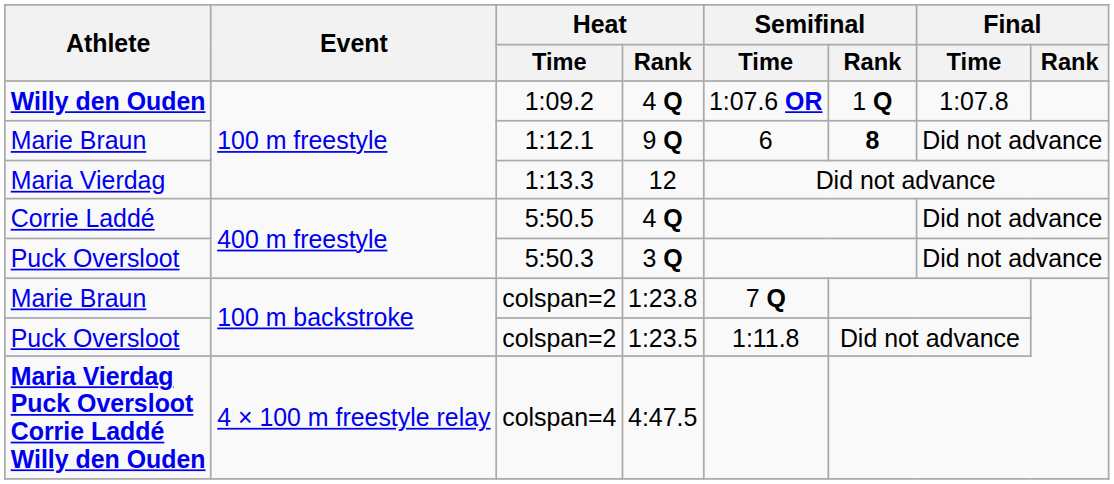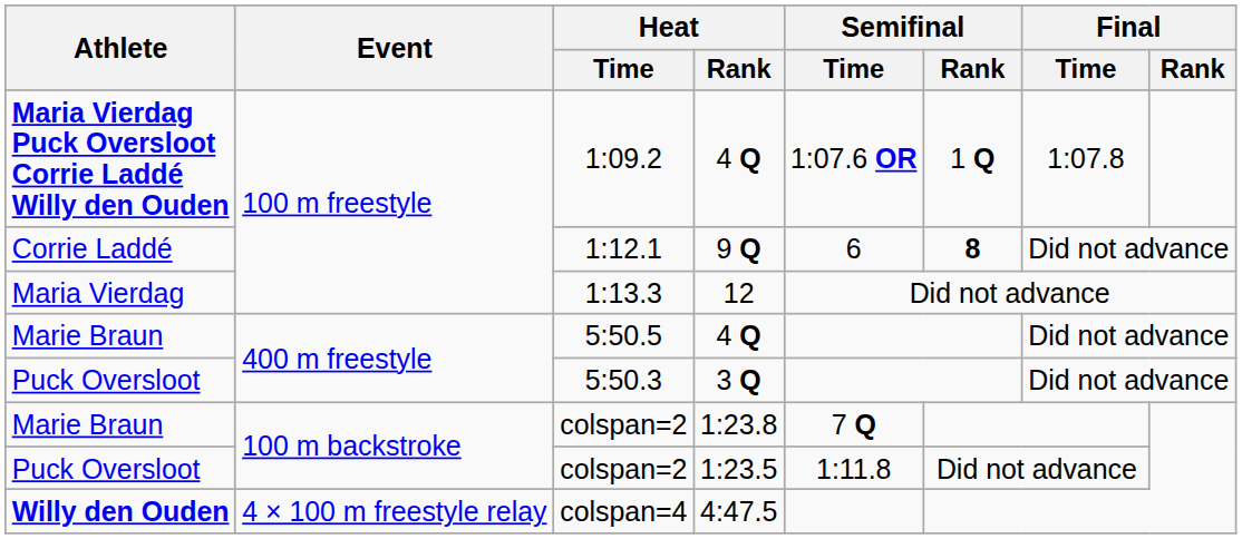 <table class=wikitable style="font-size:90%;">
 <tr>
 <th rowspan=2>Athlete</th>
 <th rowspan=2>Event</th>
 <th colspan=2>Heat</th>
 <th colspan=2>Semifinal</th>
 <th colspan=2>Final</th>
 </tr>
 <tr style="font-size:95%">
 <th>Time</th>
 <th>Rank</th>
 <th>Time</th>
 <th>Rank</th>
 <th>Time</th>
 <th>Rank</th>
 </tr>
 <tr align=center>
-<td align=left><strong><a href='#'>Willy den Ouden</a></strong></td>
+<td align=left><strong><a href='#'>Maria Vierdag</a><br><a href='#'>Puck Oversloot</a><br><a href='#'>Corrie Laddé</a><br><a href='#'>Willy den Ouden</a></strong></td>
 <td rowspan=3 align=left><a href='#'>100 m freestyle</a></td>
 <td>1:09.2</td>
 <td>4 <strong>Q</strong></td>
 <td>1:07.6 <strong><a href='#'>OR</a></strong></td>
 <td>1 <strong>Q</strong></td>
 <td>1:07.8</td>
 <td></td>
 </tr>
 <tr align=center>
-<td align=left><a href='#'>Marie Braun</a></td>
+<td align=left><a href='#'>Corrie Laddé</a></td>
 <td>1:12.1</td>
 <td>9 <strong>Q</strong></td>
 <td>6</td>
 <td><strong>8</strong></td>
 <td colspan=2>Did not advance</td>
 </tr>
 <tr align=center>
 <td align=left><a href='#'>Maria Vierdag</a></td>
 <td>1:13.3</td>
 <td>12</td>
 <td colspan=4>Did not advance</td>
 </tr>
 <tr align=center>
-<td align=left><a href='#'>Corrie Laddé</a></td>
+<td align=left><a href='#'>Marie Braun</a></td>
 <td rowspan=2 align=left><a href='#'>400 m freestyle</a></td>
 <td>5:50.5</td>
 <td>4 <strong>Q</strong></td>
 <td colspan=2></td>
 <td colspan=2>Did not advance</td>
 </tr>
 <tr align=center>
 <td align=left><a href='#'>Puck Oversloot</a></td>
 <td>5:50.3</td>
 <td>3 <strong>Q</strong></td>
 <td colspan=2></td>
 <td colspan=2>Did not advance</td>
 </tr>
 <tr align=center>
 <td align=left><a href='#'>Marie Braun</a></td>
 <td rowspan=2 align=left><a href='#'>100 m backstroke</a></td>
 <td>colspan=2 </td>
 <td>1:23.8</td>
 <td>7 <strong>Q</strong></td>
 <td colspan=2></td>
 </tr>
 <tr align=center>
 <td align=left><a href='#'>Puck Oversloot</a></td>
 <td>colspan=2 </td>
 <td>1:23.5</td>
 <td>1:11.8</td>
 <td colspan=2>Did not advance</td>
 </tr>
 <tr align=center>
-<td align=left><strong><a href='#'>Maria Vierdag</a><br><a href='#'>Puck Oversloot</a><br><a href='#'>Corrie Laddé</a><br><a href='#'>Willy den Ouden</a></strong></td>
+<td align=left><strong><a href='#'>Willy den Ouden</a></strong></td>
 <td align=left><a href='#'>4 × 100 m freestyle relay</a></td>
 <td>colspan=4 </td>
 <td>4:47.5</td>
 <td></td>
 </tr>
 </table>
